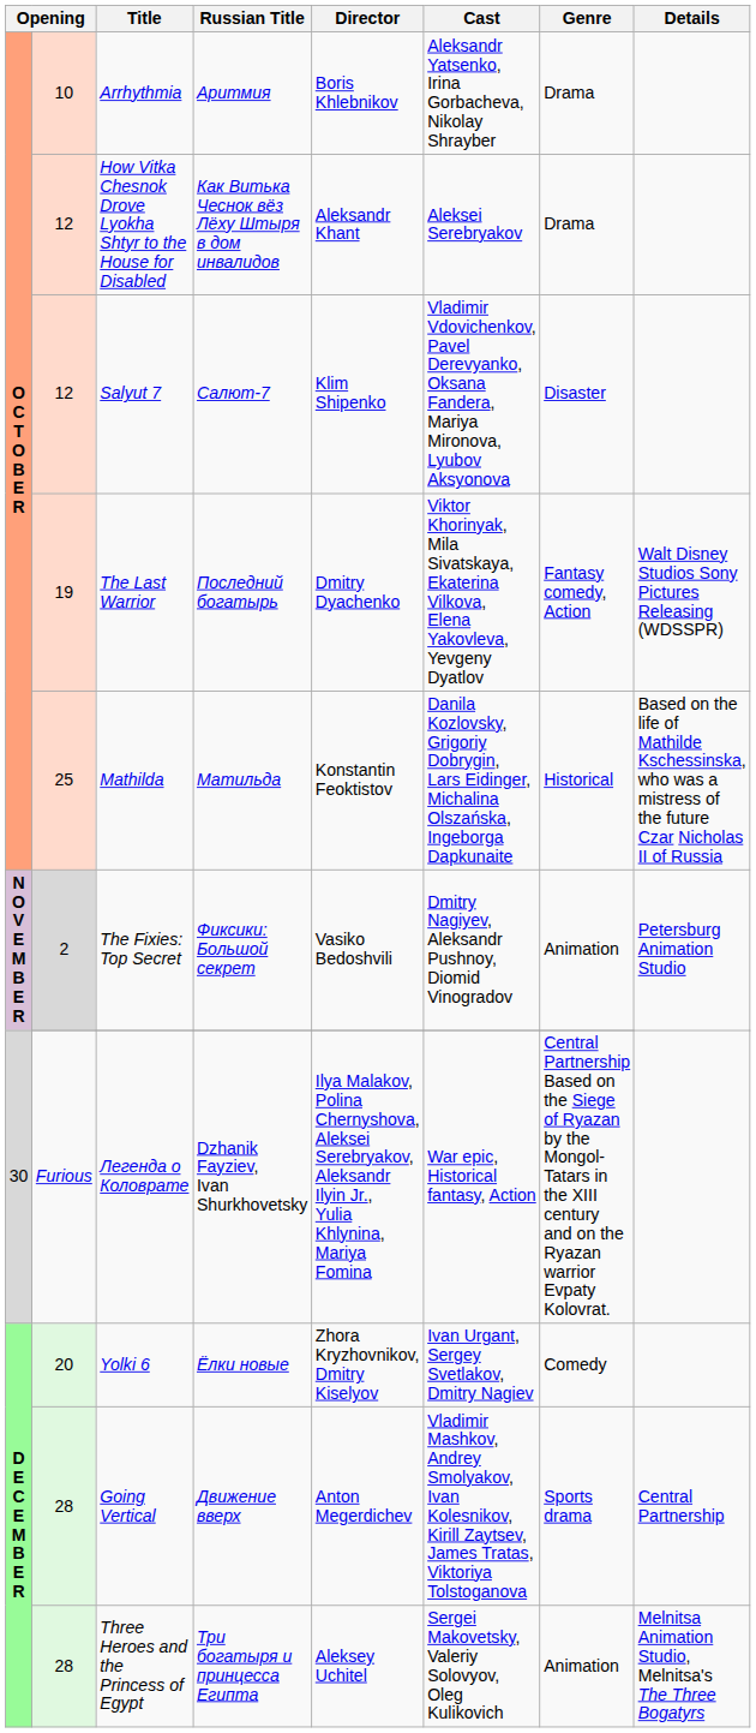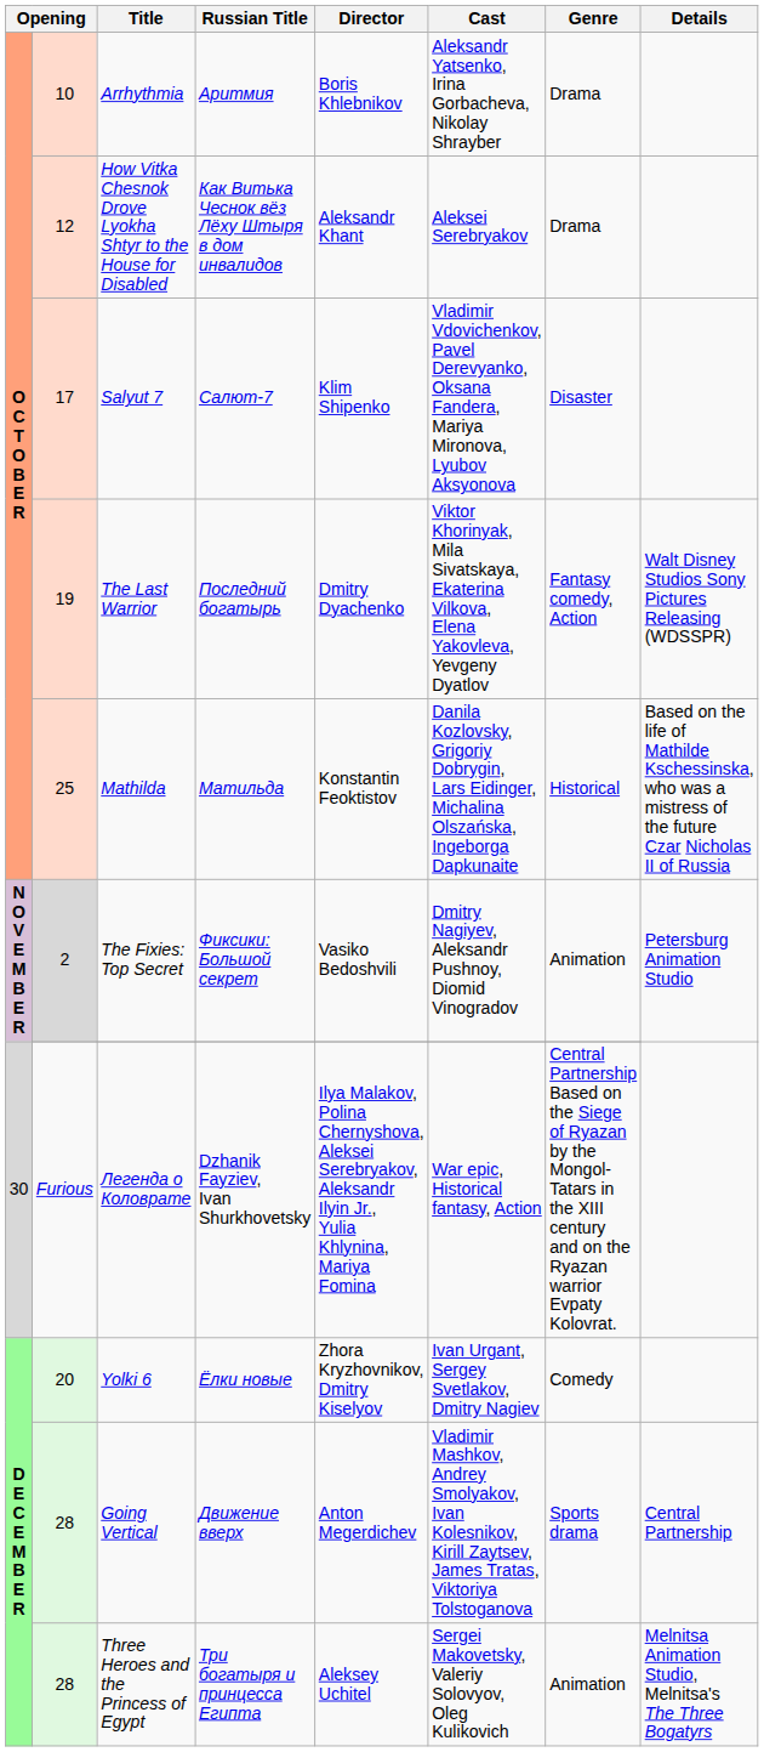 <table class="wikitable">
 <tr>
 <th style="width:6%;" colspan="2">Opening</th>
 <th style="width:14%;">Title</th>
 <th style="width:14%;">Russian Title</th>
 <th style="width:11%;">Director</th>
 <th style="width:14%;">Cast</th>
 <th style="width:11%;">Genre</th>
 <th>Details</th>
 </tr>
 <tr>
 <th rowspan="5" align="center" style="background:#ffa07a; textcolor:#000;">O<br>C<br>T<br>O<br>B<br>E<br>R</th>
 <td align="center" style="background:#ffdacc;">10</td>
 <td><em><a href='#'>Arrhythmia</a></em></td>
 <td><em><a href='#'>Аритмия</a></em></td>
 <td><a href='#'>Boris Khlebnikov</a></td>
 <td><a href='#'>Aleksandr Yatsenko</a>,<br> Irina Gorbacheva,<br> Nikolay Shrayber</td>
 <td>Drama</td>
 <td></td>
 </tr>
 <tr>
 <td align="center" style="background:#ffdacc;">12</td>
 <td><em><a href='#'>How Vitka Chesnok Drove Lyokha Shtyr to the House for Disabled</a></em></td>
 <td><em><a href='#'>Как Витька Чеснок вёз Лёху Штыря в дом инвалидов</a></em></td>
 <td><a href='#'>Aleksandr Khant</a></td>
 <td><a href='#'>Aleksei Serebryakov</a></td>
 <td>Drama</td>
 <td></td>
 </tr>
 <tr>
-<td align="center" style="background:#ffdacc;">12</td>
+<td align="center" style="background:#ffdacc;">17</td>
 <td><em><a href='#'>Salyut 7</a></em></td>
 <td><em><a href='#'>Салют-7</a></em></td>
 <td><a href='#'>Klim Shipenko</a></td>
 <td><a href='#'>Vladimir Vdovichenkov</a>,<br> <a href='#'>Pavel Derevyanko</a>,<br> <a href='#'>Oksana Fandera</a>,<br> Mariya Mironova,<br> <a href='#'>Lyubov Aksyonova</a></td>
 <td><a href='#'>Disaster</a></td>
 <td></td>
 </tr>
 <tr>
 <td align="center" style="background:#ffdacc;">19</td>
 <td><em><a href='#'>The Last Warrior</a></em></td>
 <td><em><a href='#'>Последний богатырь</a></em></td>
 <td><a href='#'>Dmitry Dyachenko</a></td>
 <td><a href='#'>Viktor Khorinyak</a>,<br> Mila Sivatskaya,<br> <a href='#'>Ekaterina Vilkova</a>,<br> <a href='#'>Elena Yakovleva</a>,<br> Yevgeny Dyatlov</td>
 <td><a href='#'>Fantasy comedy</a>, <a href='#'>Action</a></td>
 <td><a href='#'>Walt Disney Studios Sony Pictures Releasing</a> (WDSSPR)</td>
 </tr>
 <tr>
 <td align="center" style="background:#ffdacc;">25</td>
 <td><em><a href='#'>Mathilda</a></em></td>
 <td><em><a href='#'>Матильда</a></em></td>
 <td>Konstantin Feoktistov</td>
 <td><a href='#'>Danila Kozlovsky</a>,<br> <a href='#'>Grigoriy Dobrygin</a>,<br> <a href='#'>Lars Eidinger</a>,<br> <a href='#'>Michalina Olszańska</a>,<br> <a href='#'>Ingeborga Dapkunaite</a></td>
 <td><a href='#'>Historical</a></td>
 <td>Based on the life of <a href='#'>Mathilde Kschessinska</a>, who was a mistress of the future <a href='#'>Czar</a> <a href='#'>Nicholas II of Russia</a></td>
 </tr>
 <tr>
 <th rowspan="2" align="center" style="background:thistle; textcolor:#000;">N<br>O<br>V<br>E<br>M<br>B<br>E<br>R</th>
 <td align="center" style="background:#d8d8d8;">2</td>
 <td><em>The Fixies: Top Secret</em></td>
 <td><em><a href='#'>Фиксики: Большой секрет</a></em></td>
 <td>Vasiko Bedoshvili</td>
 <td><a href='#'>Dmitry Nagiyev</a>,<br> Aleksandr Pushnoy,<br> Diomid Vinogradov</td>
 <td>Animation</td>
 <td><a href='#'>Petersburg Animation Studio</a></td>
 </tr>
 <tr>
 </tr>
 <tr>
 <td align="center" style="background:#d8d8d8;">30</td>
 <td><em><a href='#'>Furious</a></em></td>
 <td><em><a href='#'>Легенда о Коловрате</a></em></td>
 <td><a href='#'>Dzhanik Fayziev</a>,<br> Ivan Shurkhovetsky</td>
 <td><a href='#'>Ilya Malakov</a>,<br> <a href='#'>Polina Chernyshova</a>,<br> <a href='#'>Aleksei Serebryakov</a>,<br> <a href='#'>Aleksandr Ilyin Jr.</a>,<br> <a href='#'>Yulia Khlynina</a>,<br> <a href='#'>Mariya Fomina</a></td>
 <td><a href='#'>War epic</a>, <a href='#'>Historical fantasy</a>, <a href='#'>Action</a></td>
 <td><a href='#'>Central Partnership</a> <br> Based on the <a href='#'>Siege of Ryazan</a> by the Mongol-Tatars in the XIII century and on the Ryazan warrior Evpaty Kolovrat.</td>
 </tr>
 <tr>
 <th rowspan="3" align="center" style="background:#98fb98; textcolor:#000;">D<br>E<br>C<br>E<br>M<br>B<br>E<br>R</th>
 <td align="center" style="background:#e0f9e0;">20</td>
 <td><em><a href='#'>Yolki 6</a></em></td>
 <td><em><a href='#'>Ёлки новые</a></em></td>
 <td>Zhora Kryzhovnikov,<br> <a href='#'>Dmitry Kiselyov</a></td>
 <td><a href='#'>Ivan Urgant</a>,<br> <a href='#'>Sergey Svetlakov</a>,<br> <a href='#'>Dmitry Nagiev</a></td>
 <td>Comedy</td>
 <td></td>
 </tr>
 <tr>
 <td align="center" style="background:#e0f9e0;">28</td>
 <td><em><a href='#'>Going Vertical</a></em></td>
 <td><em><a href='#'>Движение вверх</a></em></td>
 <td><a href='#'>Anton Megerdichev</a></td>
 <td><a href='#'>Vladimir Mashkov</a>,<br> <a href='#'>Andrey Smolyakov</a>,<br> <a href='#'>Ivan Kolesnikov</a>,<br> <a href='#'>Kirill Zaytsev</a>,<br> <a href='#'>James Tratas</a>,<br> <a href='#'>Viktoriya Tolstoganova</a></td>
 <td><a href='#'>Sports drama</a></td>
 <td><a href='#'>Central Partnership</a></td>
 </tr>
 <tr>
 <td align="center" style="background:#e0f9e0;">28</td>
 <td><em>Three Heroes and the Princess of Egypt</em></td>
 <td><em><a href='#'>Три богатыря и принцесса Египта</a></em></td>
 <td><a href='#'>Aleksey Uchitel</a></td>
 <td><a href='#'>Sergei Makovetsky</a>,<br> Valeriy Solovyov,<br> Oleg Kulikovich</td>
 <td>Animation</td>
 <td><a href='#'>Melnitsa Animation Studio</a>,<br> Melnitsa's <em><a href='#'>The Three Bogatyrs</a></em> <br> </td>
 </tr>
 </table>
